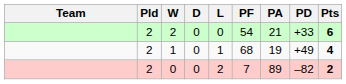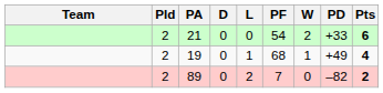 <table class="wikitable" style="text-align:center;">
 <tr>
 <th width=175>Team</th>
 <th width=25 abbr="Played">Pld</th>
-<th width=25 abbr="Won">W</th>
+<th width=32 abbr="Points against">PA</th>
 <th width=25 abbr="Drawn">D</th>
 <th width=25 abbr="Lost">L</th>
 <th width=32 abbr="Points for">PF</th>
-<th width=32 abbr="Points against">PA</th>
+<th width=25 abbr="Won">W</th>
 <th width=32 abbr="Points difference">PD</th>
 <th width=25 abbr="Points">Pts</th>
 </tr>
 <tr style="background:#ccffcc">
 <td align=left></td>
 <td>2</td>
-<td>2</td>
+<td>21</td>
 <td>0</td>
 <td>0</td>
 <td>54</td>
-<td>21</td>
+<td>2</td>
 <td>+33</td>
 <td><strong>6</strong></td>
 </tr>
 <tr>
 <td align=left></td>
 <td>2</td>
-<td>1</td>
+<td>19</td>
 <td>0</td>
 <td>1</td>
 <td>68</td>
-<td>19</td>
+<td>1</td>
 <td>+49</td>
 <td><strong>4</strong></td>
 </tr>
 <tr style="background:#ffcccc">
 <td align=left></td>
 <td>2</td>
-<td>0</td>
+<td>89</td>
 <td>0</td>
 <td>2</td>
 <td>7</td>
-<td>89</td>
+<td>0</td>
 <td>–82</td>
 <td><strong>2</strong></td>
 </tr>
 </table>
